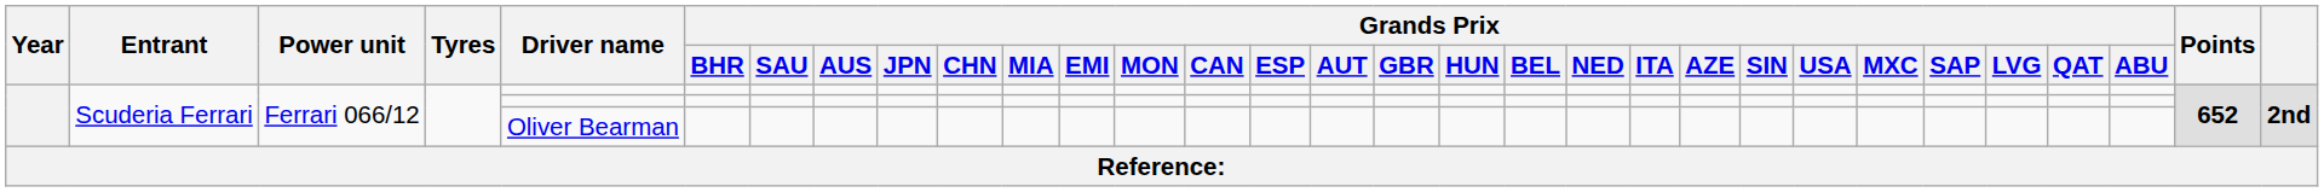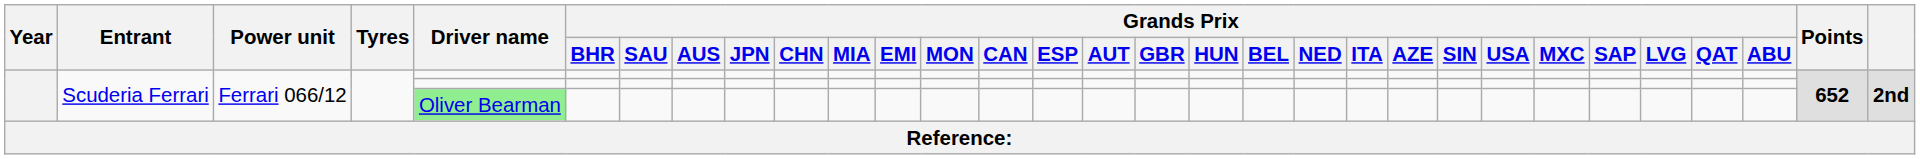 <table class="wikitable" style="text-align:center; font-size:90%">
 <tr>
 <th rowspan="2">Year</th>
 <th rowspan="2">Entrant</th>
 <th rowspan="2">Power unit</th>
 <th rowspan="2">Tyres</th>
 <th rowspan="2">Driver name</th>
 <th colspan="24">Grands Prix</th>
 <th rowspan="2">Points</th>
 <th rowspan="2"></th>
 </tr>
 <tr>
 <th><a href='#'>BHR</a></th>
 <th><a href='#'>SAU</a></th>
 <th><a href='#'>AUS</a></th>
 <th><a href='#'>JPN</a></th>
 <th><a href='#'>CHN</a></th>
 <th><a href='#'>MIA</a></th>
 <th><a href='#'>EMI</a></th>
 <th><a href='#'>MON</a></th>
 <th><a href='#'>CAN</a></th>
 <th><a href='#'>ESP</a></th>
 <th><a href='#'>AUT</a></th>
 <th><a href='#'>GBR</a></th>
 <th><a href='#'>HUN</a></th>
 <th><a href='#'>BEL</a></th>
 <th><a href='#'>NED</a></th>
 <th><a href='#'>ITA</a></th>
 <th><a href='#'>AZE</a></th>
 <th><a href='#'>SIN</a></th>
 <th><a href='#'>USA</a></th>
 <th><a href='#'>MXC</a></th>
 <th><a href='#'>SAP</a></th>
 <th><a href='#'>LVG</a></th>
 <th><a href='#'>QAT</a></th>
 <th><a href='#'>ABU</a></th>
 </tr>
 <tr>
 <th rowspan="3"></th>
 <td rowspan="3"><a href='#'>Scuderia Ferrari</a></td>
 <td rowspan="3"><a href='#'>Ferrari</a> 066/12</td>
 <td rowspan="3"></td>
 <td align=left></td>
 <td></td>
 <td></td>
 <td></td>
 <td></td>
 <td></td>
 <td></td>
 <td></td>
 <td></td>
 <td></td>
 <td></td>
 <td></td>
 <td></td>
 <td></td>
 <td></td>
 <td></td>
 <td></td>
 <td></td>
 <td></td>
 <td></td>
 <td></td>
 <td></td>
 <td></td>
 <td></td>
 <td></td>
 <th rowspan="3" style="background:#DFDFDF;">652</th>
 <th rowspan="3" style="background:#DFDFDF;">2nd</th>
 </tr>
 <tr>
 <td align=left></td>
 <td></td>
 <td></td>
 <td></td>
 <td></td>
 <td></td>
 <td></td>
 <td></td>
 <td></td>
 <td></td>
 <td></td>
 <td></td>
 <td></td>
 <td></td>
 <td></td>
 <td></td>
 <td></td>
 <td></td>
 <td></td>
 <td></td>
 <td></td>
 <td></td>
 <td></td>
 <td></td>
 <td></td>
 </tr>
 <tr>
-<td align=left> <a href='#'>Oliver Bearman</a></td>
+<td align=left style="background: lightgreen;"> <a href='#'>Oliver Bearman</a></td>
 <td></td>
 <td></td>
 <td></td>
 <td></td>
 <td></td>
 <td></td>
 <td></td>
 <td></td>
 <td></td>
 <td></td>
 <td></td>
 <td></td>
 <td></td>
 <td></td>
 <td></td>
 <td></td>
 <td></td>
 <td></td>
 <td></td>
 <td></td>
 <td></td>
 <td></td>
 <td></td>
 <td></td>
 </tr>
 <tr>
 <th colspan="31">Reference:</th>
 </tr>
 </table>
